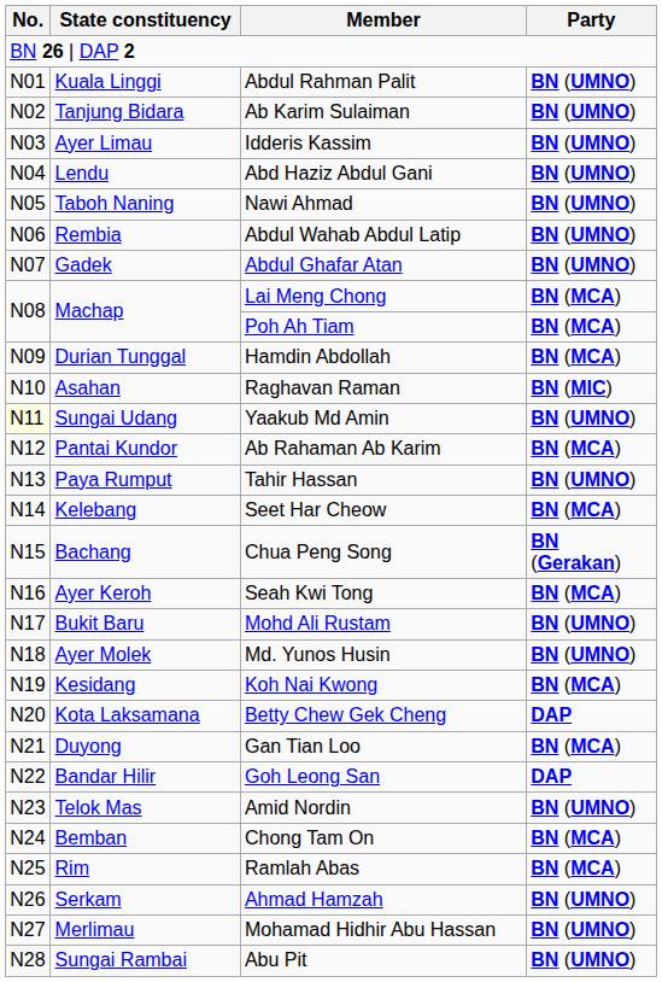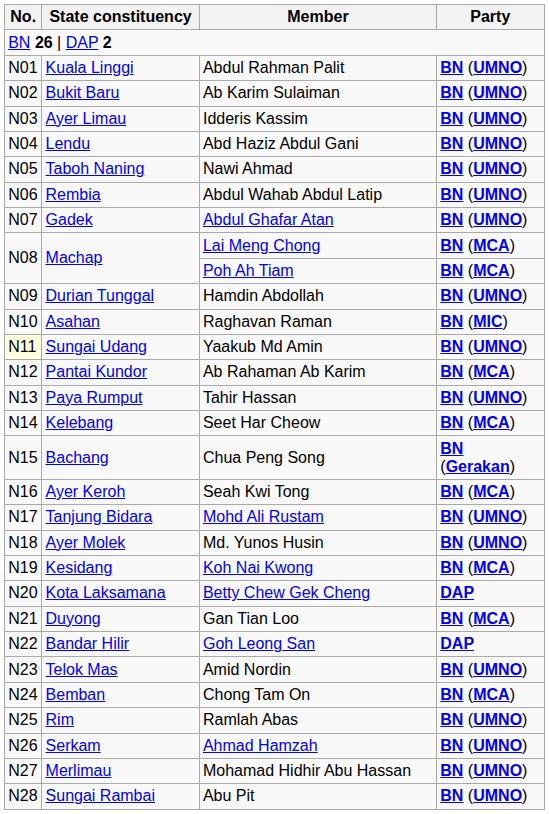 <table class="wikitable sortable">
 <tr>
 <th style="width:30px;">No.</th>
 <th style="width:150px;">State constituency</th>
 <th style="width:230px;">Member</th>
 <th style="width:100px;">Party</th>
 </tr>
 <tr>
 <td colspan="4"><a href='#'>BN</a> <strong>26</strong> | <a href='#'>DAP</a> <strong>2</strong></td>
 </tr>
 <tr>
 <td>N01</td>
 <td><a href='#'>Kuala Linggi</a></td>
 <td>Abdul Rahman Palit</td>
 <td><strong><a href='#'>BN</a></strong> (<strong><a href='#'>UMNO</a></strong>)</td>
 </tr>
 <tr>
 <td>N02</td>
-<td><a href='#'>Tanjung Bidara</a></td>
+<td><a href='#'>Bukit Baru</a></td>
 <td>Ab Karim Sulaiman</td>
 <td><strong><a href='#'>BN</a></strong> (<strong><a href='#'>UMNO</a></strong>)</td>
 </tr>
 <tr>
 <td>N03</td>
 <td><a href='#'>Ayer Limau</a></td>
 <td>Idderis Kassim</td>
 <td><strong><a href='#'>BN</a></strong> (<strong><a href='#'>UMNO</a></strong>)</td>
 </tr>
 <tr>
 <td>N04</td>
 <td><a href='#'>Lendu</a></td>
 <td>Abd Haziz Abdul Gani</td>
 <td><strong><a href='#'>BN</a></strong> (<strong><a href='#'>UMNO</a></strong>)</td>
 </tr>
 <tr>
 <td>N05</td>
 <td><a href='#'>Taboh Naning</a></td>
 <td>Nawi Ahmad</td>
 <td><strong><a href='#'>BN</a></strong> (<strong><a href='#'>UMNO</a></strong>)</td>
 </tr>
 <tr>
 <td>N06</td>
 <td><a href='#'>Rembia</a></td>
 <td>Abdul Wahab Abdul Latip</td>
 <td><strong><a href='#'>BN</a></strong> (<strong><a href='#'>UMNO</a></strong>)</td>
 </tr>
 <tr>
 <td>N07</td>
 <td><a href='#'>Gadek</a></td>
 <td><a href='#'>Abdul Ghafar Atan</a></td>
 <td><strong><a href='#'>BN</a></strong> (<strong><a href='#'>UMNO</a></strong>)</td>
 </tr>
 <tr>
 <td rowspan=2>N08</td>
 <td rowspan=2><a href='#'>Machap</a></td>
 <td><a href='#'>Lai Meng Chong</a> </td>
 <td><strong><a href='#'>BN</a></strong> (<strong><a href='#'>MCA</a></strong>)</td>
 </tr>
 <tr>
 <td><a href='#'>Poh Ah Tiam</a> </td>
 <td><strong><a href='#'>BN</a></strong> (<strong><a href='#'>MCA</a></strong>)</td>
 </tr>
 <tr>
 <td>N09</td>
 <td><a href='#'>Durian Tunggal</a></td>
 <td>Hamdin Abdollah</td>
-<td><strong><a href='#'>BN</a></strong> (<strong><a href='#'>MCA</a></strong>)</td>
+<td><strong><a href='#'>BN</a></strong> (<strong><a href='#'>UMNO</a></strong>)</td>
 </tr>
 <tr>
 <td>N10</td>
 <td><a href='#'>Asahan</a></td>
 <td>Raghavan Raman</td>
 <td><strong><a href='#'>BN</a></strong> (<strong><a href='#'>MIC</a></strong>)</td>
 </tr>
 <tr>
 <td style="background: lightyellow;">N11</td>
 <td><a href='#'>Sungai Udang</a></td>
 <td>Yaakub Md Amin</td>
 <td><strong><a href='#'>BN</a></strong> (<strong><a href='#'>UMNO</a></strong>)</td>
 </tr>
 <tr>
 <td>N12</td>
 <td><a href='#'>Pantai Kundor</a></td>
 <td>Ab Rahaman Ab Karim</td>
 <td><strong><a href='#'>BN</a></strong> (<strong><a href='#'>MCA</a></strong>)</td>
 </tr>
 <tr>
 <td>N13</td>
 <td><a href='#'>Paya Rumput</a></td>
 <td>Tahir Hassan</td>
 <td><strong><a href='#'>BN</a></strong> (<strong><a href='#'>UMNO</a></strong>)</td>
 </tr>
 <tr>
 <td>N14</td>
 <td><a href='#'>Kelebang</a></td>
 <td>Seet Har Cheow</td>
 <td><strong><a href='#'>BN</a></strong> (<strong><a href='#'>MCA</a></strong>)</td>
 </tr>
 <tr>
 <td>N15</td>
 <td><a href='#'>Bachang</a></td>
 <td>Chua Peng Song</td>
 <td><strong><a href='#'>BN</a></strong> (<strong><a href='#'>Gerakan</a></strong>)</td>
 </tr>
 <tr>
 <td>N16</td>
 <td><a href='#'>Ayer Keroh</a></td>
 <td>Seah Kwi Tong</td>
 <td><strong><a href='#'>BN</a></strong> (<strong><a href='#'>MCA</a></strong>)</td>
 </tr>
 <tr>
 <td>N17</td>
-<td><a href='#'>Bukit Baru</a></td>
+<td><a href='#'>Tanjung Bidara</a></td>
 <td><a href='#'>Mohd Ali Rustam</a></td>
 <td><strong><a href='#'>BN</a></strong> (<strong><a href='#'>UMNO</a></strong>)</td>
 </tr>
 <tr>
 <td>N18</td>
 <td><a href='#'>Ayer Molek</a></td>
 <td>Md. Yunos Husin</td>
 <td><strong><a href='#'>BN</a></strong> (<strong><a href='#'>UMNO</a></strong>)</td>
 </tr>
 <tr>
 <td>N19</td>
 <td><a href='#'>Kesidang</a></td>
 <td><a href='#'>Koh Nai Kwong</a></td>
 <td><strong><a href='#'>BN</a></strong> (<strong><a href='#'>MCA</a></strong>)</td>
 </tr>
 <tr>
 <td>N20</td>
 <td><a href='#'>Kota Laksamana</a></td>
 <td><a href='#'>Betty Chew Gek Cheng</a></td>
 <td><strong><a href='#'>DAP</a></strong></td>
 </tr>
 <tr>
 <td>N21</td>
 <td><a href='#'>Duyong</a></td>
 <td>Gan Tian Loo</td>
 <td><strong><a href='#'>BN</a></strong> (<strong><a href='#'>MCA</a></strong>)</td>
 </tr>
 <tr>
 <td>N22</td>
 <td><a href='#'>Bandar Hilir</a></td>
 <td><a href='#'>Goh Leong San</a></td>
 <td><strong><a href='#'>DAP</a></strong></td>
 </tr>
 <tr>
 <td>N23</td>
 <td><a href='#'>Telok Mas</a></td>
 <td>Amid Nordin</td>
 <td><strong><a href='#'>BN</a></strong> (<strong><a href='#'>UMNO</a></strong>)</td>
 </tr>
 <tr>
 <td>N24</td>
 <td><a href='#'>Bemban</a></td>
 <td>Chong Tam On</td>
 <td><strong><a href='#'>BN</a></strong> (<strong><a href='#'>MCA</a></strong>)</td>
 </tr>
 <tr>
 <td>N25</td>
 <td><a href='#'>Rim</a></td>
 <td>Ramlah Abas</td>
-<td><strong><a href='#'>BN</a></strong> (<strong><a href='#'>MCA</a></strong>)</td>
+<td><strong><a href='#'>BN</a></strong> (<strong><a href='#'>UMNO</a></strong>)</td>
 </tr>
 <tr>
 <td>N26</td>
 <td><a href='#'>Serkam</a></td>
 <td><a href='#'>Ahmad Hamzah</a></td>
 <td><strong><a href='#'>BN</a></strong> (<strong><a href='#'>UMNO</a></strong>)</td>
 </tr>
 <tr>
 <td>N27</td>
 <td><a href='#'>Merlimau</a></td>
 <td>Mohamad Hidhir Abu Hassan</td>
 <td><strong><a href='#'>BN</a></strong> (<strong><a href='#'>UMNO</a></strong>)</td>
 </tr>
 <tr>
 <td>N28</td>
 <td><a href='#'>Sungai Rambai</a></td>
 <td>Abu Pit</td>
 <td><strong><a href='#'>BN</a></strong> (<strong><a href='#'>UMNO</a></strong>)</td>
 </tr>
 </table>
